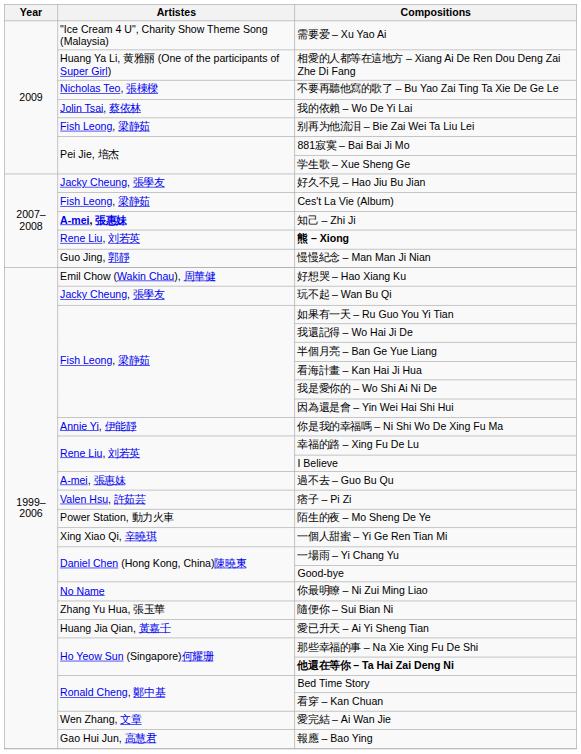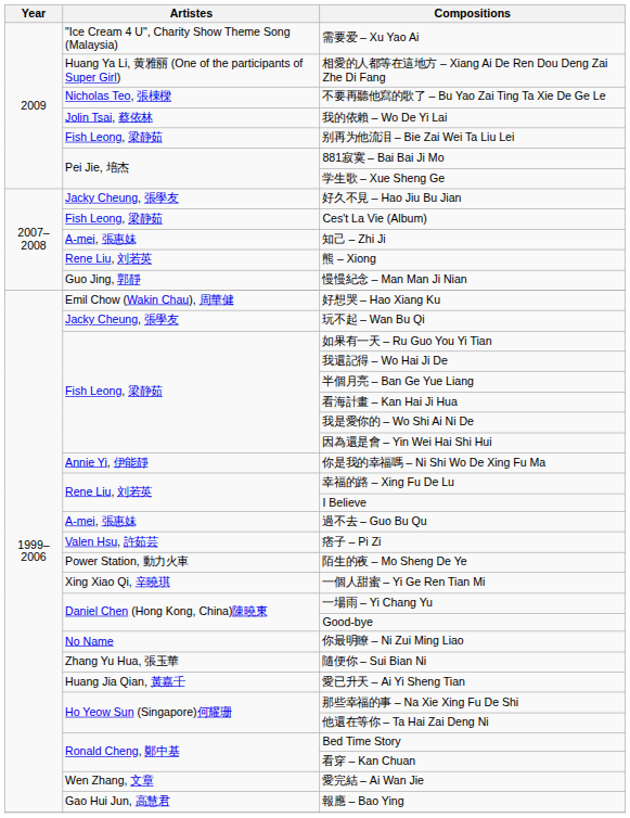 <table class="wikitable">
 <tr>
 <th>Year</th>
 <th>Artistes</th>
 <th>Compositions</th>
 </tr>
 <tr align=center>
 <td align="center" rowspan=7>2009</td>
 <td align="left">"Ice Cream 4 U", Charity Show Theme Song (Malaysia)</td>
 <td align="left">需要爱 – Xu Yao Ai</td>
 </tr>
 <tr>
 <td>Huang Ya Li, 黄雅丽 (One of the participants of <a href='#'>Super Girl</a>)</td>
 <td>相愛的人都等在這地方 – Xiang Ai De Ren Dou Deng Zai Zhe Di Fang</td>
 </tr>
 <tr>
 <td><a href='#'>Nicholas Teo</a>, <a href='#'>張棟樑</a></td>
 <td>不要再聽他寫的歌了 – Bu Yao Zai Ting Ta Xie De Ge Le</td>
 </tr>
 <tr>
 <td><a href='#'>Jolin Tsai</a>, <a href='#'>蔡依林</a></td>
 <td>我的依賴 – Wo De Yi Lai</td>
 </tr>
 <tr>
 <td><a href='#'>Fish Leong</a>, <a href='#'>梁静茹</a></td>
 <td>别再为他流泪 – Bie Zai Wei Ta Liu Lei</td>
 </tr>
 <tr>
 <td align="left" rowspan=2>Pei Jie, 培杰</td>
 <td>881寂寞 – Bai Bai Ji Mo</td>
 </tr>
 <tr>
 <td>学生歌 – Xue Sheng Ge</td>
 </tr>
 <tr>
 <td align="center" rowspan=5>2007–2008</td>
 <td><a href='#'>Jacky Cheung</a>, <a href='#'>張學友</a></td>
 <td>好久不見 – Hao Jiu Bu Jian</td>
 </tr>
 <tr>
 <td><a href='#'>Fish Leong</a>, <a href='#'>梁静茹</a></td>
 <td>Ces't La Vie (Album)</td>
 </tr>
 <tr>
-<td><strong><a href='#'>A-mei</a>, <a href='#'>張惠妹</a></strong></td>
+<td><a href='#'>A-mei</a>, <a href='#'>張惠妹</a></td>
 <td>知己 – Zhi Ji</td>
 </tr>
 <tr>
 <td><a href='#'>Rene Liu</a>, <a href='#'>刘若英</a></td>
-<td><strong>熊 – Xiong</strong></td>
+<td>熊 – Xiong</td>
 </tr>
 <tr>
 <td>Guo Jing, <a href='#'>郭靜</a></td>
 <td>慢慢紀念 – Man Man Ji Nian</td>
 </tr>
 <tr>
 <td align="center" rowspan=27>1999–2006</td>
 </tr>
 <tr>
 <td>Emil Chow (<a href='#'>Wakin Chau</a>), <a href='#'>周華健</a></td>
 <td>好想哭 – Hao Xiang Ku</td>
 </tr>
 <tr>
 <td><a href='#'>Jacky Cheung</a>, <a href='#'>張學友</a></td>
 <td>玩不起 – Wan Bu Qi</td>
 </tr>
 <tr>
 <td align="left" rowspan=6><a href='#'>Fish Leong</a>, <a href='#'>梁静茹</a></td>
 <td>如果有一天 – Ru Guo You Yi Tian</td>
 </tr>
 <tr>
 <td>我還記得 – Wo Hai Ji De</td>
 </tr>
 <tr>
 <td>半個月亮 – Ban Ge Yue Liang</td>
 </tr>
 <tr>
 <td>看海計畫 – Kan Hai Ji Hua</td>
 </tr>
 <tr>
 <td>我是愛你的 – Wo Shi Ai Ni De</td>
 </tr>
 <tr>
 <td>因為還是會 – Yin Wei Hai Shi Hui</td>
 </tr>
 <tr>
 <td><a href='#'>Annie Yi</a>, <a href='#'>伊能靜</a></td>
 <td>你是我的幸福嗎 – Ni Shi Wo De Xing Fu Ma</td>
 </tr>
 <tr>
 <td align="left" rowspan=2><a href='#'>Rene Liu</a>, <a href='#'>刘若英</a></td>
 <td>幸福的路 – Xing Fu De Lu</td>
 </tr>
 <tr>
 <td>I Believe</td>
 </tr>
 <tr>
 <td><a href='#'>A-mei</a>, <a href='#'>張惠妹</a></td>
 <td>過不去 – Guo Bu Qu</td>
 </tr>
 <tr>
 <td><a href='#'>Valen Hsu</a>, <a href='#'>許茹芸</a></td>
 <td>痞子 – Pi Zi</td>
 </tr>
 <tr>
 <td>Power Station, 動力火車</td>
 <td>陌生的夜 – Mo Sheng De Ye</td>
 </tr>
 <tr>
 <td>Xing Xiao Qi, <a href='#'>辛曉琪</a></td>
 <td>一個人甜蜜 – Yi Ge Ren Tian Mi</td>
 </tr>
 <tr>
 <td align="left" rowspan=2><a href='#'>Daniel Chen</a> (Hong Kong, China)<a href='#'>陳曉東</a></td>
 <td>一場雨 – Yi Chang Yu</td>
 </tr>
 <tr>
 <td>Good-bye</td>
 </tr>
 <tr>
 <td><a href='#'>No Name</a></td>
 <td>你最明瞭 – Ni Zui Ming Liao</td>
 </tr>
 <tr>
 <td>Zhang Yu Hua, 張玉華</td>
 <td>隨便你 – Sui Bian Ni</td>
 </tr>
 <tr>
 <td>Huang Jia Qian, <a href='#'>黃嘉千</a></td>
 <td>愛已升天 – Ai Yi Sheng Tian</td>
 </tr>
 <tr>
 <td align="left" rowspan=2><a href='#'>Ho Yeow Sun</a> (Singapore)<a href='#'>何耀珊</a></td>
 <td>那些幸福的事 – Na Xie Xing Fu De Shi</td>
 </tr>
 <tr>
-<td><strong>他還在等你 – Ta Hai Zai Deng Ni</strong></td>
+<td>他還在等你 – Ta Hai Zai Deng Ni</td>
 </tr>
 <tr>
 <td align="left" rowspan=2><a href='#'>Ronald Cheng</a>, <a href='#'>鄭中基</a></td>
 <td>Bed Time Story</td>
 </tr>
 <tr>
 <td>看穿 – Kan Chuan</td>
 </tr>
 <tr>
 <td>Wen Zhang, <a href='#'>文章</a></td>
 <td>愛完結 – Ai Wan Jie</td>
 </tr>
 <tr>
 <td>Gao Hui Jun, <a href='#'>高慧君</a></td>
 <td>報應 – Bao Ying</td>
 </tr>
 <tr>
 </tr>
 </table>
